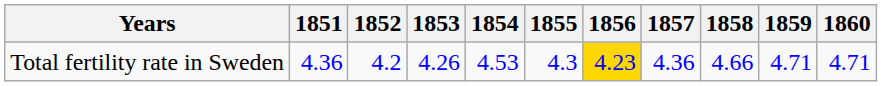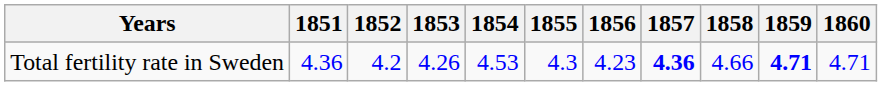 <table class="wikitable " style="text-align:right">
 <tr>
 <th>Years</th>
 <th>1851</th>
 <th>1852</th>
 <th>1853</th>
 <th>1854</th>
 <th>1855</th>
 <th>1856</th>
 <th>1857</th>
 <th>1858</th>
 <th>1859</th>
 <th>1860</th>
 </tr>
 <tr>
 <td style="text-align:left;">Total fertility rate in Sweden</td>
 <td style="text-align:right; color:blue;">4.36</td>
 <td style="text-align:right; color:blue;">4.2</td>
 <td style="text-align:right; color:blue;">4.26</td>
 <td style="text-align:right; color:blue;">4.53</td>
 <td style="text-align:right; color:blue;">4.3</td>
-<td style="background: gold; text-align:right; color:blue;">4.23</td>
-<td style="text-align:right; color:blue;">4.36</td>
+<td style="text-align:right; color:blue;">4.23</td>
+<td style="text-align:right; color:blue;"><strong>4.36</strong></td>
 <td style="text-align:right; color:blue;">4.66</td>
-<td style="text-align:right; color:blue;">4.71</td>
+<td style="text-align:right; color:blue;"><strong>4.71</strong></td>
 <td style="text-align:right; color:blue;">4.71</td>
 </tr>
 </table>
